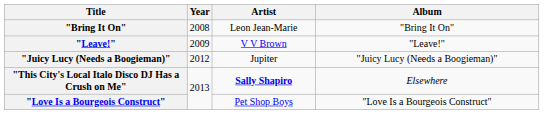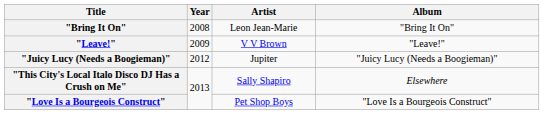 <table class="wikitable plainrowheaders" style="text-align:center">
 <tr>
 <th scope="col" style="width:18em;">Title</th>
 <th scope="col">Year</th>
 <th scope="col" style="width:10em;">Artist</th>
 <th scope="col" style="width:22em;">Album</th>
 </tr>
 <tr>
 <th scope="row">"Bring It On" <br> </th>
 <td>2008</td>
 <td>Leon Jean-Marie</td>
 <td>"Bring It On" </td>
 </tr>
 <tr>
 <th scope="row">"<a href='#'>Leave!</a>" <br> </th>
 <td>2009</td>
 <td><a href='#'>V V Brown</a></td>
 <td>"Leave!" </td>
 </tr>
 <tr>
 <th scope="row">"Juicy Lucy (Needs a Boogieman)"<br></th>
 <td>2012</td>
 <td>Jupiter</td>
 <td>"Juicy Lucy (Needs a Boogieman)" </td>
 </tr>
 <tr>
 <th scope="row">"This City's Local Italo Disco DJ Has a Crush on Me"<br></th>
 <td rowspan="2">2013</td>
-<td><strong><a href='#'>Sally Shapiro</a></strong></td>
+<td><a href='#'>Sally Shapiro</a></td>
 <td><em>Elsewhere</em></td>
 </tr>
 <tr>
 <th scope="row">"<a href='#'>Love Is a Bourgeois Construct</a>" <br> </th>
 <td><a href='#'>Pet Shop Boys</a></td>
 <td>"Love Is a Bourgeois Construct" </td>
 </tr>
 </table>
